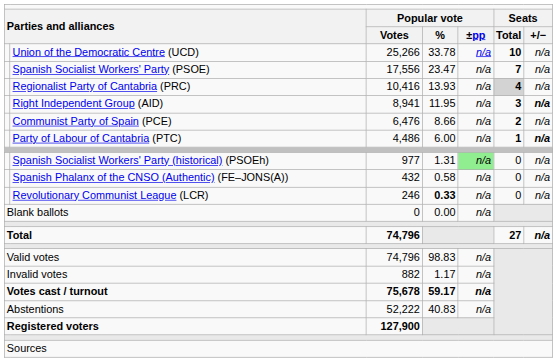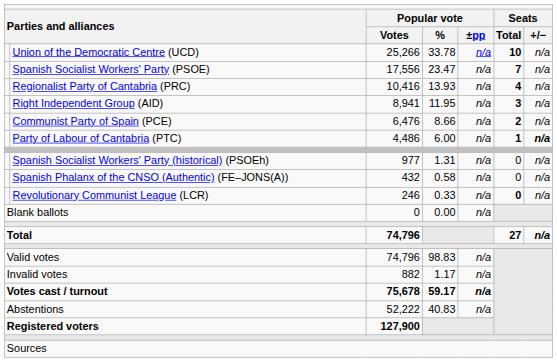 <table class="wikitable" style="text-align:right;">
 <tr>
 <td colspan="7"></td>
 </tr>
 <tr>
 <th style="text-align:left;" rowspan="2" colspan="2" width="525">Parties and alliances</th>
 <th colspan="3">Popular vote</th>
 <th colspan="2">Seats</th>
 </tr>
 <tr>
 <th width="75">Votes</th>
 <th width="45">%</th>
 <th width="45">±<a href='#'>pp</a></th>
 <th width="35">Total</th>
 <th width="35">+/−</th>
 </tr>
 <tr>
 <td width="1" style="color:inherit;background:"></td>
 <td align="left"><a href='#'>Union of the Democratic Centre</a> (UCD)</td>
 <td>25,266</td>
 <td>33.78</td>
 <td><em><a href='#'>n/a</a></em></td>
 <td><strong>10</strong></td>
 <td><em>n/a</em></td>
 </tr>
 <tr>
 <td style="color:inherit;background:"></td>
 <td align="left"><a href='#'>Spanish Socialist Workers' Party</a> (PSOE)</td>
 <td>17,556</td>
 <td>23.47</td>
 <td><em>n/a</em></td>
 <td><strong>7</strong></td>
 <td><em>n/a</em></td>
 </tr>
 <tr>
 <td style="color:inherit;background:"></td>
 <td align="left"><a href='#'>Regionalist Party of Cantabria</a> (PRC)</td>
 <td>10,416</td>
 <td>13.93</td>
 <td><em>n/a</em></td>
-<td style="background: lightgrey;"><strong>4</strong></td>
+<td><strong>4</strong></td>
 <td><em>n/a</em></td>
 </tr>
 <tr>
 <td style="color:inherit;background:"></td>
 <td align="left"><a href='#'>Right Independent Group</a> (AID)</td>
 <td>8,941</td>
 <td>11.95</td>
 <td><em>n/a</em></td>
 <td><strong>3</strong></td>
-<td><strong><em>n/a</em></strong></td>
+<td><em>n/a</em></td>
 </tr>
 <tr>
 <td style="color:inherit;background:"></td>
 <td align="left"><a href='#'>Communist Party of Spain</a> (PCE)</td>
 <td>6,476</td>
 <td>8.66</td>
 <td><em>n/a</em></td>
 <td><strong>2</strong></td>
 <td><em>n/a</em></td>
 </tr>
 <tr>
 <td style="color:inherit;background:"></td>
 <td align="left"><a href='#'>Party of Labour of Cantabria</a> (PTC)</td>
 <td>4,486</td>
 <td>6.00</td>
 <td><em>n/a</em></td>
 <td><strong>1</strong></td>
 <td><strong><em>n/a</em></strong></td>
 </tr>
 <tr>
 <td colspan="7" bgcolor="#C0C0C0"></td>
 </tr>
 <tr>
 <td style="color:inherit;background:"></td>
 <td align="left"><a href='#'>Spanish Socialist Workers' Party (historical)</a> (PSOEh)</td>
 <td>977</td>
 <td>1.31</td>
-<td style="background: lightgreen;"><em>n/a</em></td>
+<td><em>n/a</em></td>
 <td>0</td>
 <td><em>n/a</em></td>
 </tr>
 <tr>
 <td style="color:inherit;background:"></td>
 <td align="left"><a href='#'>Spanish Phalanx of the CNSO (Authentic)</a> (FE–JONS(A))</td>
 <td>432</td>
 <td>0.58</td>
 <td><em>n/a</em></td>
 <td>0</td>
 <td><em>n/a</em></td>
 </tr>
 <tr>
 <td style="color:inherit;background:"></td>
 <td align="left"><a href='#'>Revolutionary Communist League</a> (LCR)</td>
 <td>246</td>
-<td><strong>0.33</strong></td>
+<td>0.33</td>
 <td><em>n/a</em></td>
-<td>0</td>
+<td><strong>0</strong></td>
 <td><em>n/a</em></td>
 </tr>
 <tr>
 <td align="left" colspan="2">Blank ballots</td>
 <td>0</td>
 <td>0.00</td>
 <td><em>n/a</em></td>
 <td bgcolor="#E9E9E9" colspan="2"></td>
 </tr>
 <tr>
 <td colspan="7" bgcolor="#E9E9E9"></td>
 </tr>
 <tr style="font-weight:bold;">
 <td align="left" colspan="2">Total</td>
 <td>74,796</td>
 <td bgcolor="#E9E9E9" colspan="2"></td>
 <td>27</td>
 <td><em>n/a</em></td>
 </tr>
 <tr>
 <td colspan="7" bgcolor="#E9E9E9"></td>
 </tr>
 <tr>
 <td align="left" colspan="2">Valid votes</td>
 <td>74,796</td>
 <td>98.83</td>
 <td><em>n/a</em></td>
 <td bgcolor="#E9E9E9" colspan="2" rowspan="5"></td>
 </tr>
 <tr>
 <td align="left" colspan="2">Invalid votes</td>
 <td>882</td>
 <td>1.17</td>
 <td><em>n/a</em></td>
 </tr>
 <tr style="font-weight:bold;">
 <td align="left" colspan="2">Votes cast / turnout</td>
 <td>75,678</td>
 <td>59.17</td>
 <td><em>n/a</em></td>
 </tr>
 <tr>
 <td align="left" colspan="2">Abstentions</td>
 <td>52,222</td>
 <td>40.83</td>
 <td><em>n/a</em></td>
 </tr>
 <tr style="font-weight:bold;">
 <td align="left" colspan="2">Registered voters</td>
 <td>127,900</td>
 <td bgcolor="#E9E9E9" colspan="2"></td>
 </tr>
 <tr>
 <td colspan="7" bgcolor="#E9E9E9"></td>
 </tr>
 <tr>
 <td align="left" colspan="7">Sources</td>
 </tr>
 </table>
